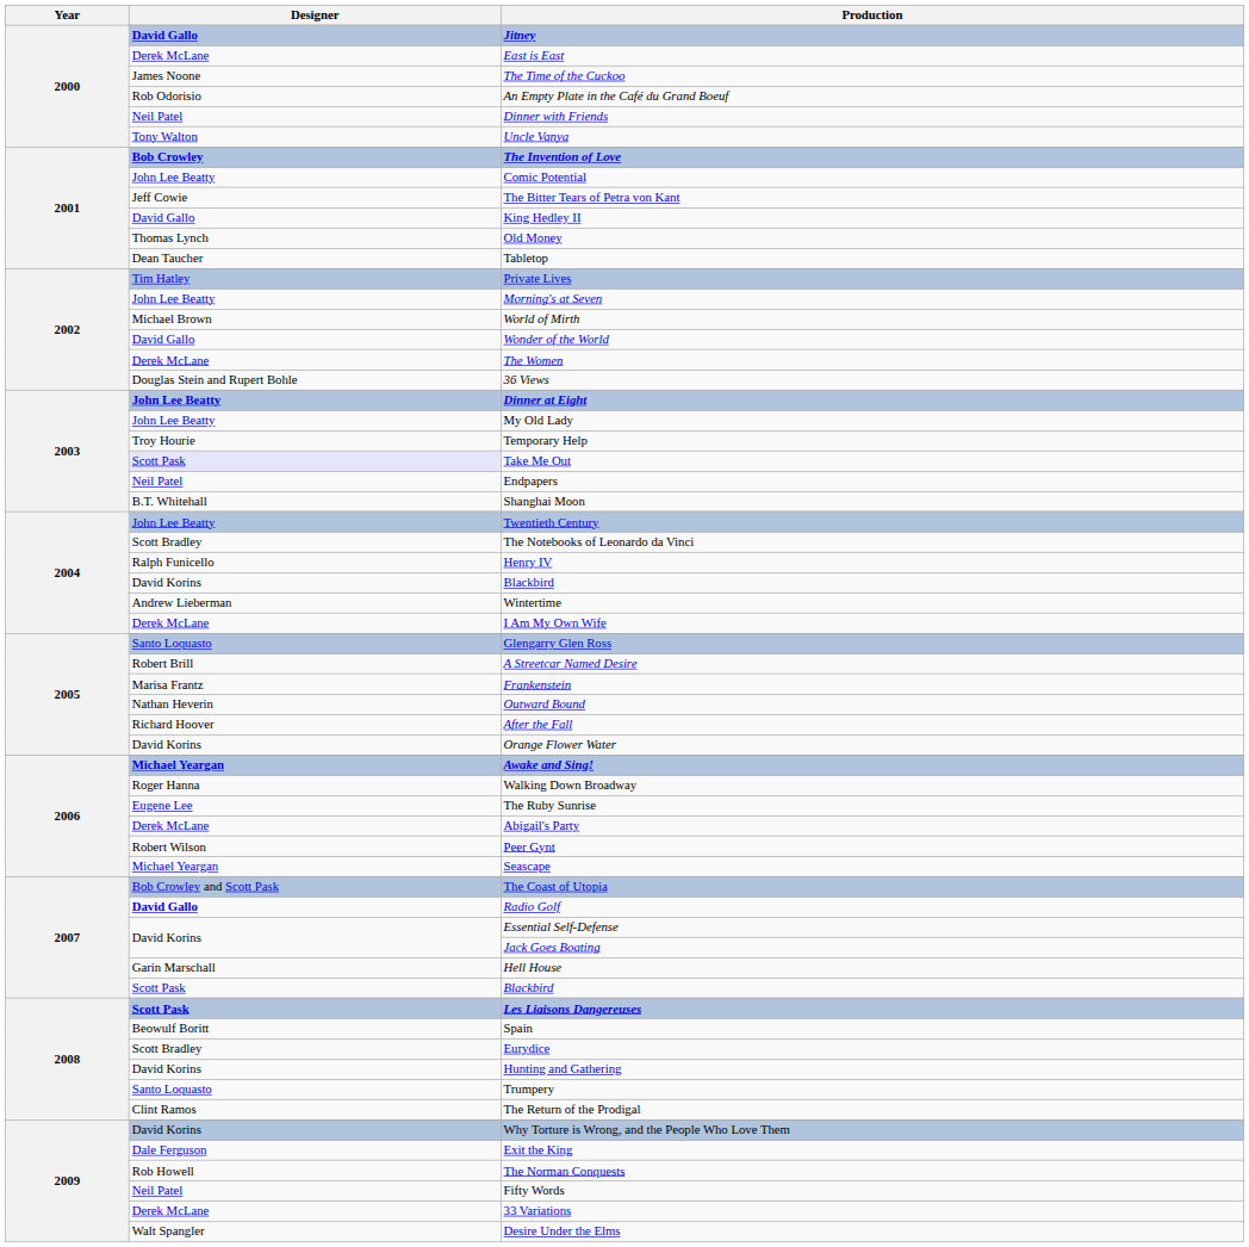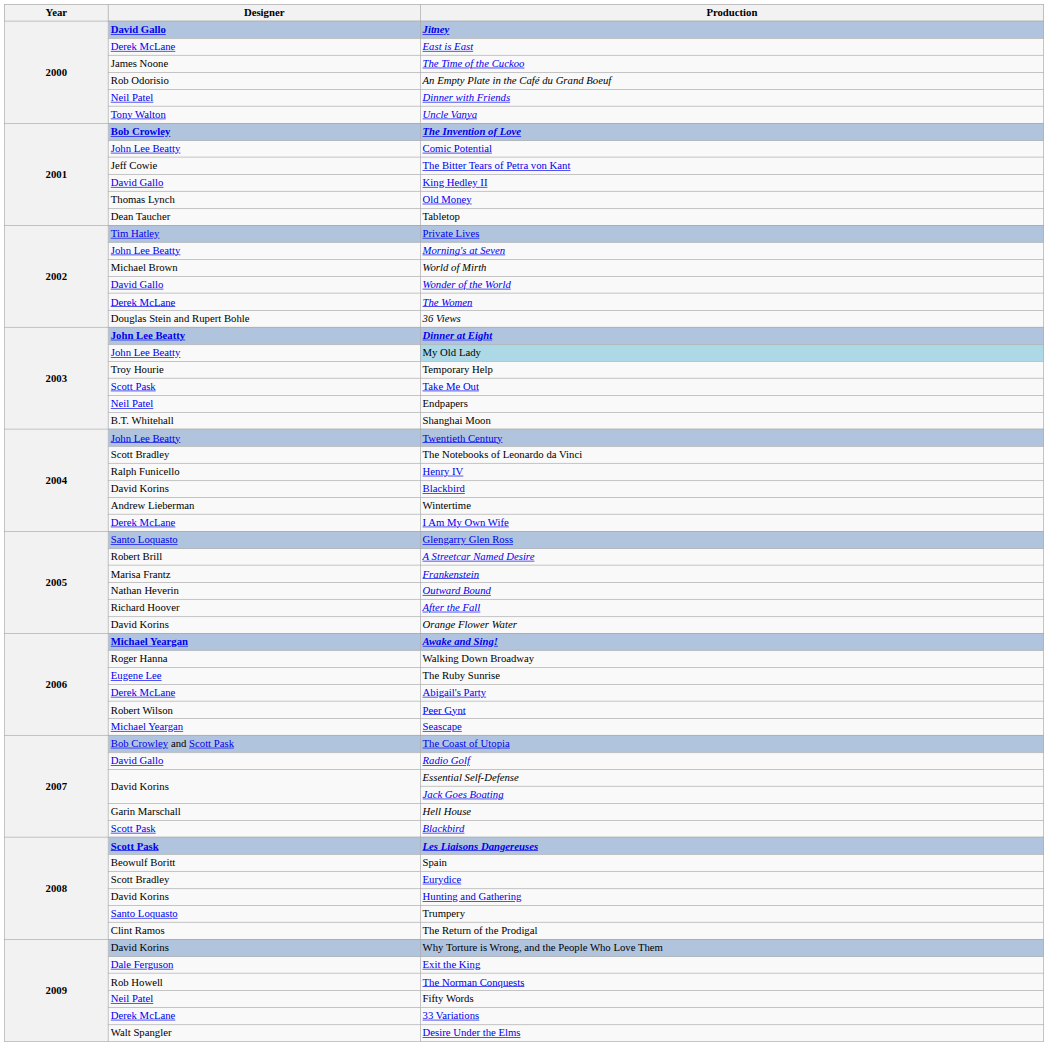 <table class="wikitable" style="width:98%;">
 <tr style="background:#bebebe;">
 <th style="width:10%;">Year</th>
 <th style="width:30%;">Designer</th>
 <th style="width:60%;">Production</th>
 </tr>
 <tr>
 <th rowspan="7">2000</th>
 </tr>
 <tr style="background:#B0C4DE">
 <td><strong><a href='#'>David Gallo</a></strong></td>
 <td><strong><em><a href='#'>Jitney</a></em></strong></td>
 </tr>
 <tr>
 <td><a href='#'>Derek McLane</a></td>
 <td><em><a href='#'>East is East</a></em></td>
 </tr>
 <tr>
 <td>James Noone</td>
 <td><em><a href='#'>The Time of the Cuckoo</a></em></td>
 </tr>
 <tr>
 <td>Rob Odorisio</td>
 <td><em>An Empty Plate in the Café du Grand Boeuf</em></td>
 </tr>
 <tr>
 <td><a href='#'>Neil Patel</a></td>
 <td><em><a href='#'>Dinner with Friends</a></em></td>
 </tr>
 <tr>
 <td><a href='#'>Tony Walton</a></td>
 <td><em><a href='#'>Uncle Vanya</a></em></td>
 </tr>
 <tr>
 <th rowspan="7">2001</th>
 </tr>
 <tr style="background:#B0C4DE">
 <td><strong><a href='#'>Bob Crowley</a></strong></td>
 <td><strong><em><a href='#'>The Invention of Love</a><em> <strong></td>
 </tr>
 <tr>
 <td><a href='#'>John Lee Beatty</a></td>
 <td></em><a href='#'>Comic Potential</a><em></td>
 </tr>
 <tr>
 <td>Jeff Cowie</td>
 <td></em><a href='#'>The Bitter Tears of Petra von Kant</a><em></td>
 </tr>
 <tr>
 <td><a href='#'>David Gallo</a></td>
 <td></em><a href='#'>King Hedley II</a><em></td>
 </tr>
 <tr>
 <td>Thomas Lynch</td>
 <td></em><a href='#'>Old Money</a><em></td>
 </tr>
 <tr>
 <td>Dean Taucher</td>
 <td></em>Tabletop<em></td>
 </tr>
 <tr>
 <th rowspan="7">2002</th>
 </tr>
 <tr style="background:#B0C4DE">
 <td></strong><a href='#'>Tim Hatley</a><strong></td>
 <td></em></strong><a href='#'>Private Lives</a></em> </strong></td>
 </tr>
 <tr>
 <td><a href='#'>John Lee Beatty</a></td>
 <td><em><a href='#'>Morning's at Seven</a></em></td>
 </tr>
 <tr>
 <td>Michael Brown</td>
 <td><em>World of Mirth</em></td>
 </tr>
 <tr>
 <td><a href='#'>David Gallo</a></td>
 <td><em><a href='#'>Wonder of the World</a></em></td>
 </tr>
 <tr>
 <td><a href='#'>Derek McLane</a></td>
 <td><em><a href='#'>The Women</a></em></td>
 </tr>
 <tr>
 <td>Douglas Stein and Rupert Bohle</td>
 <td><em>36 Views</em></td>
 </tr>
 <tr>
 <th rowspan="7">2003</th>
 </tr>
 <tr style="background:#B0C4DE">
 <td><strong><a href='#'>John Lee Beatty</a></strong></td>
 <td><strong><em><a href='#'>Dinner at Eight</a><em> <strong></td>
 </tr>
 <tr>
 <td><a href='#'>John Lee Beatty</a></td>
-<td></em>My Old Lady<em></td>
+<td style="background: lightblue;"></em>My Old Lady<em></td>
 </tr>
 <tr>
 <td>Troy Hourie</td>
 <td></em>Temporary Help<em></td>
 </tr>
 <tr>
-<td style="background: lavender;"><a href='#'>Scott Pask</a></td>
+<td><a href='#'>Scott Pask</a></td>
 <td></em><a href='#'>Take Me Out</a><em></td>
 </tr>
 <tr>
 <td><a href='#'>Neil Patel</a></td>
 <td></em>Endpapers<em></td>
 </tr>
 <tr>
 <td>B.T. Whitehall</td>
 <td></em>Shanghai Moon<em></td>
 </tr>
 <tr>
 <th rowspan="7">2004</th>
 </tr>
 <tr style="background:#B0C4DE">
 <td></strong><a href='#'>John Lee Beatty</a><strong></td>
 <td></em></strong><a href='#'>Twentieth Century</a><strong><em></td>
 </tr>
 <tr>
 <td>Scott Bradley</td>
 <td></em>The Notebooks of Leonardo da Vinci<em></td>
 </tr>
 <tr>
 <td>Ralph Funicello</td>
 <td></em><a href='#'>Henry IV</a><em></td>
 </tr>
 <tr>
 <td>David Korins</td>
 <td></em><a href='#'>Blackbird</a><em></td>
 </tr>
 <tr>
 <td>Andrew Lieberman</td>
 <td></em>Wintertime<em></td>
 </tr>
 <tr>
 <td><a href='#'>Derek McLane</a></td>
 <td></em><a href='#'>I Am My Own Wife</a><em></td>
 </tr>
 <tr>
 <th rowspan="7">2005</th>
 </tr>
 <tr style="background:#B0C4DE">
 <td></strong><a href='#'>Santo Loquasto</a><strong></td>
 <td></em></strong><a href='#'>Glengarry Glen Ross</a></em> </strong></td>
 </tr>
 <tr>
 <td>Robert Brill</td>
 <td><em><a href='#'>A Streetcar Named Desire</a></em></td>
 </tr>
 <tr>
 <td>Marisa Frantz</td>
 <td><em><a href='#'>Frankenstein</a></em></td>
 </tr>
 <tr>
 <td>Nathan Heverin</td>
 <td><em><a href='#'>Outward Bound</a></em></td>
 </tr>
 <tr>
 <td>Richard Hoover</td>
 <td><em><a href='#'>After the Fall</a></em></td>
 </tr>
 <tr>
 <td>David Korins</td>
 <td><em>Orange Flower Water</em></td>
 </tr>
 <tr>
 <th rowspan="7">2006</th>
 </tr>
 <tr style="background:#B0C4DE">
 <td><strong><a href='#'>Michael Yeargan</a></strong></td>
 <td><strong><em><a href='#'>Awake and Sing!</a><em> <strong></td>
 </tr>
 <tr>
 <td>Roger Hanna</td>
 <td></em>Walking Down Broadway<em></td>
 </tr>
 <tr>
 <td><a href='#'>Eugene Lee</a></td>
 <td></em>The Ruby Sunrise<em></td>
 </tr>
 <tr>
 <td><a href='#'>Derek McLane</a></td>
 <td></em><a href='#'>Abigail's Party</a><em></td>
 </tr>
 <tr>
 <td>Robert Wilson</td>
 <td></em><a href='#'>Peer Gynt</a><em></td>
 </tr>
 <tr>
 <td><a href='#'>Michael Yeargan</a></td>
 <td></em><a href='#'>Seascape</a><em></td>
 </tr>
 <tr>
 <th rowspan="7">2007</th>
 </tr>
 <tr style="background:#B0C4DE">
 <td></strong><a href='#'>Bob Crowley</a> and <a href='#'>Scott Pask</a><strong></td>
 <td></em></strong><a href='#'>The Coast of Utopia</a></em> </strong></td>
 </tr>
 <tr>
-<td><strong><a href='#'>David Gallo</a></strong></td>
+<td><a href='#'>David Gallo</a></td>
 <td><em><a href='#'>Radio Golf</a></em></td>
 </tr>
 <tr>
 <td rowspan="2">David Korins</td>
 <td><em>Essential Self-Defense</em></td>
 </tr>
 <tr>
 <td><em><a href='#'>Jack Goes Boating</a></em></td>
 </tr>
 <tr>
 <td>Garin Marschall</td>
 <td><em>Hell House</em></td>
 </tr>
 <tr>
 <td><a href='#'>Scott Pask</a></td>
 <td><em><a href='#'>Blackbird</a></em></td>
 </tr>
 <tr>
 <th rowspan="7">2008</th>
 </tr>
 <tr style="background:#B0C4DE">
 <td><strong><a href='#'>Scott Pask</a></strong></td>
 <td><strong><em><a href='#'>Les Liaisons Dangereuses</a><em> <strong></td>
 </tr>
 <tr>
 <td>Beowulf Boritt</td>
 <td></em>Spain<em></td>
 </tr>
 <tr>
 <td>Scott Bradley</td>
 <td></em><a href='#'>Eurydice</a><em></td>
 </tr>
 <tr>
 <td>David Korins</td>
 <td></em><a href='#'>Hunting and Gathering</a><em></td>
 </tr>
 <tr>
 <td><a href='#'>Santo Loquasto</a></td>
 <td></em>Trumpery<em></td>
 </tr>
 <tr>
 <td>Clint Ramos</td>
 <td></em>The Return of the Prodigal<em></td>
 </tr>
 <tr>
 <th rowspan="7">2009</th>
 </tr>
 <tr style="background:#B0C4DE">
 <td></strong>David Korins<strong></td>
 <td></em></strong>Why Torture is Wrong, and the People Who Love Them<strong><em></td>
 </tr>
 <tr>
 <td><a href='#'>Dale Ferguson</a></td>
 <td></em><a href='#'>Exit the King</a><em></td>
 </tr>
 <tr>
 <td>Rob Howell</td>
 <td></em><a href='#'>The Norman Conquests</a><em></td>
 </tr>
 <tr>
 <td><a href='#'>Neil Patel</a></td>
 <td></em>Fifty Words<em></td>
 </tr>
 <tr>
 <td><a href='#'>Derek McLane</a></td>
 <td></em><a href='#'>33 Variations</a><em></td>
 </tr>
 <tr>
 <td>Walt Spangler</td>
 <td></em><a href='#'>Desire Under the Elms</a><em></td>
 </tr>
 </table>
